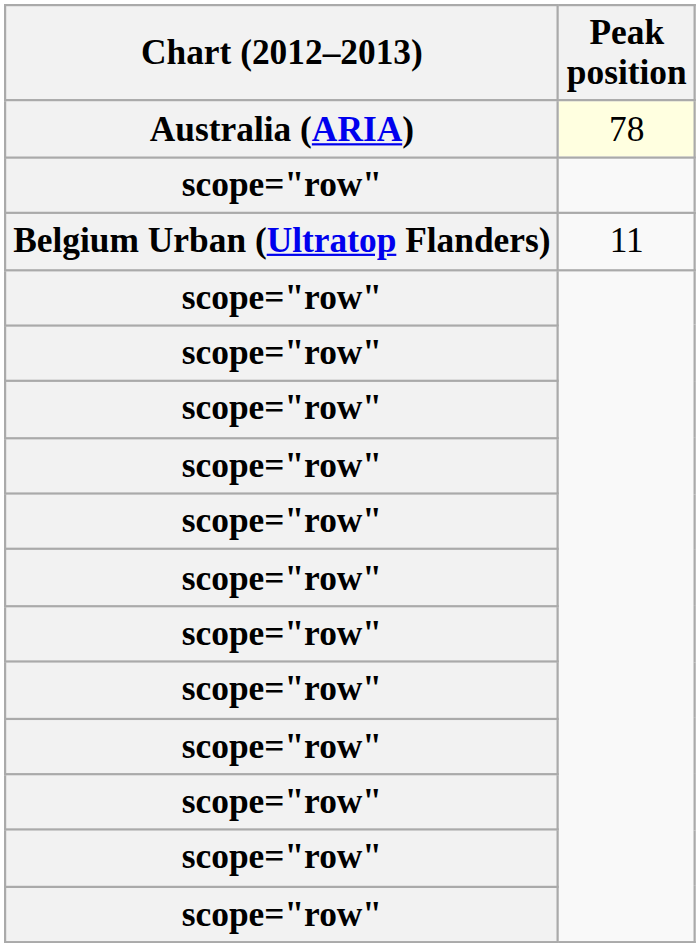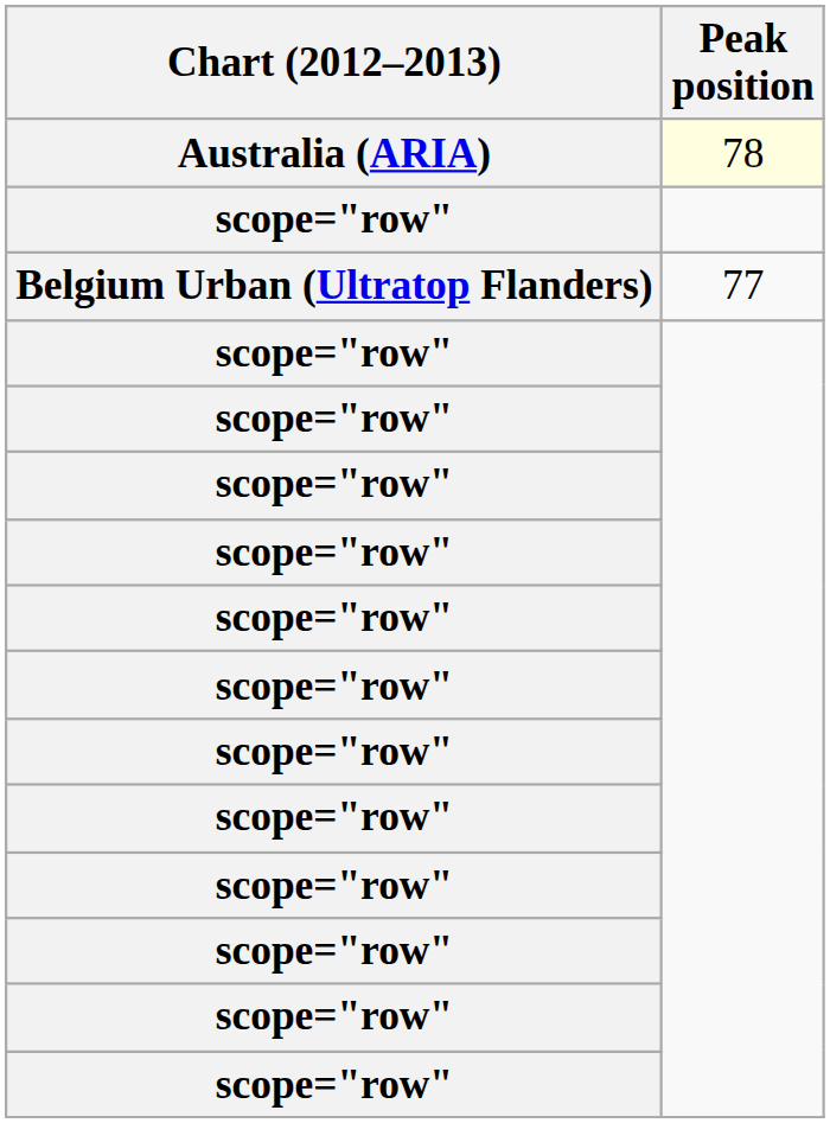 <table class="wikitable sortable plainrowheaders" style="text-align:center;">
 <tr>
 <th scope="col">Chart (2012–2013)</th>
 <th scope="col">Peak<br>position</th>
 </tr>
 <tr>
 <th scope="row">Australia (<a href='#'>ARIA</a>)</th>
 <td style="background: lightyellow;">78</td>
 </tr>
 <tr>
 <th>scope="row"</th>
 </tr>
 <tr>
 <th scope="row">Belgium Urban (<a href='#'>Ultratop</a> Flanders)</th>
-<td>11</td>
+<td>77</td>
 </tr>
 <tr>
 <th>scope="row"</th>
 </tr>
 <tr>
 <th>scope="row"</th>
 </tr>
 <tr>
 <th>scope="row"</th>
 </tr>
 <tr>
 <th>scope="row"</th>
 </tr>
 <tr>
 <th>scope="row"</th>
 </tr>
 <tr>
 <th>scope="row"</th>
 </tr>
 <tr>
 <th>scope="row"</th>
 </tr>
 <tr>
 <th>scope="row"</th>
 </tr>
 <tr>
 <th>scope="row"</th>
 </tr>
 <tr>
 <th>scope="row"</th>
 </tr>
 <tr>
 <th>scope="row"</th>
 </tr>
 <tr>
 <th>scope="row"</th>
 </tr>
 </table>
